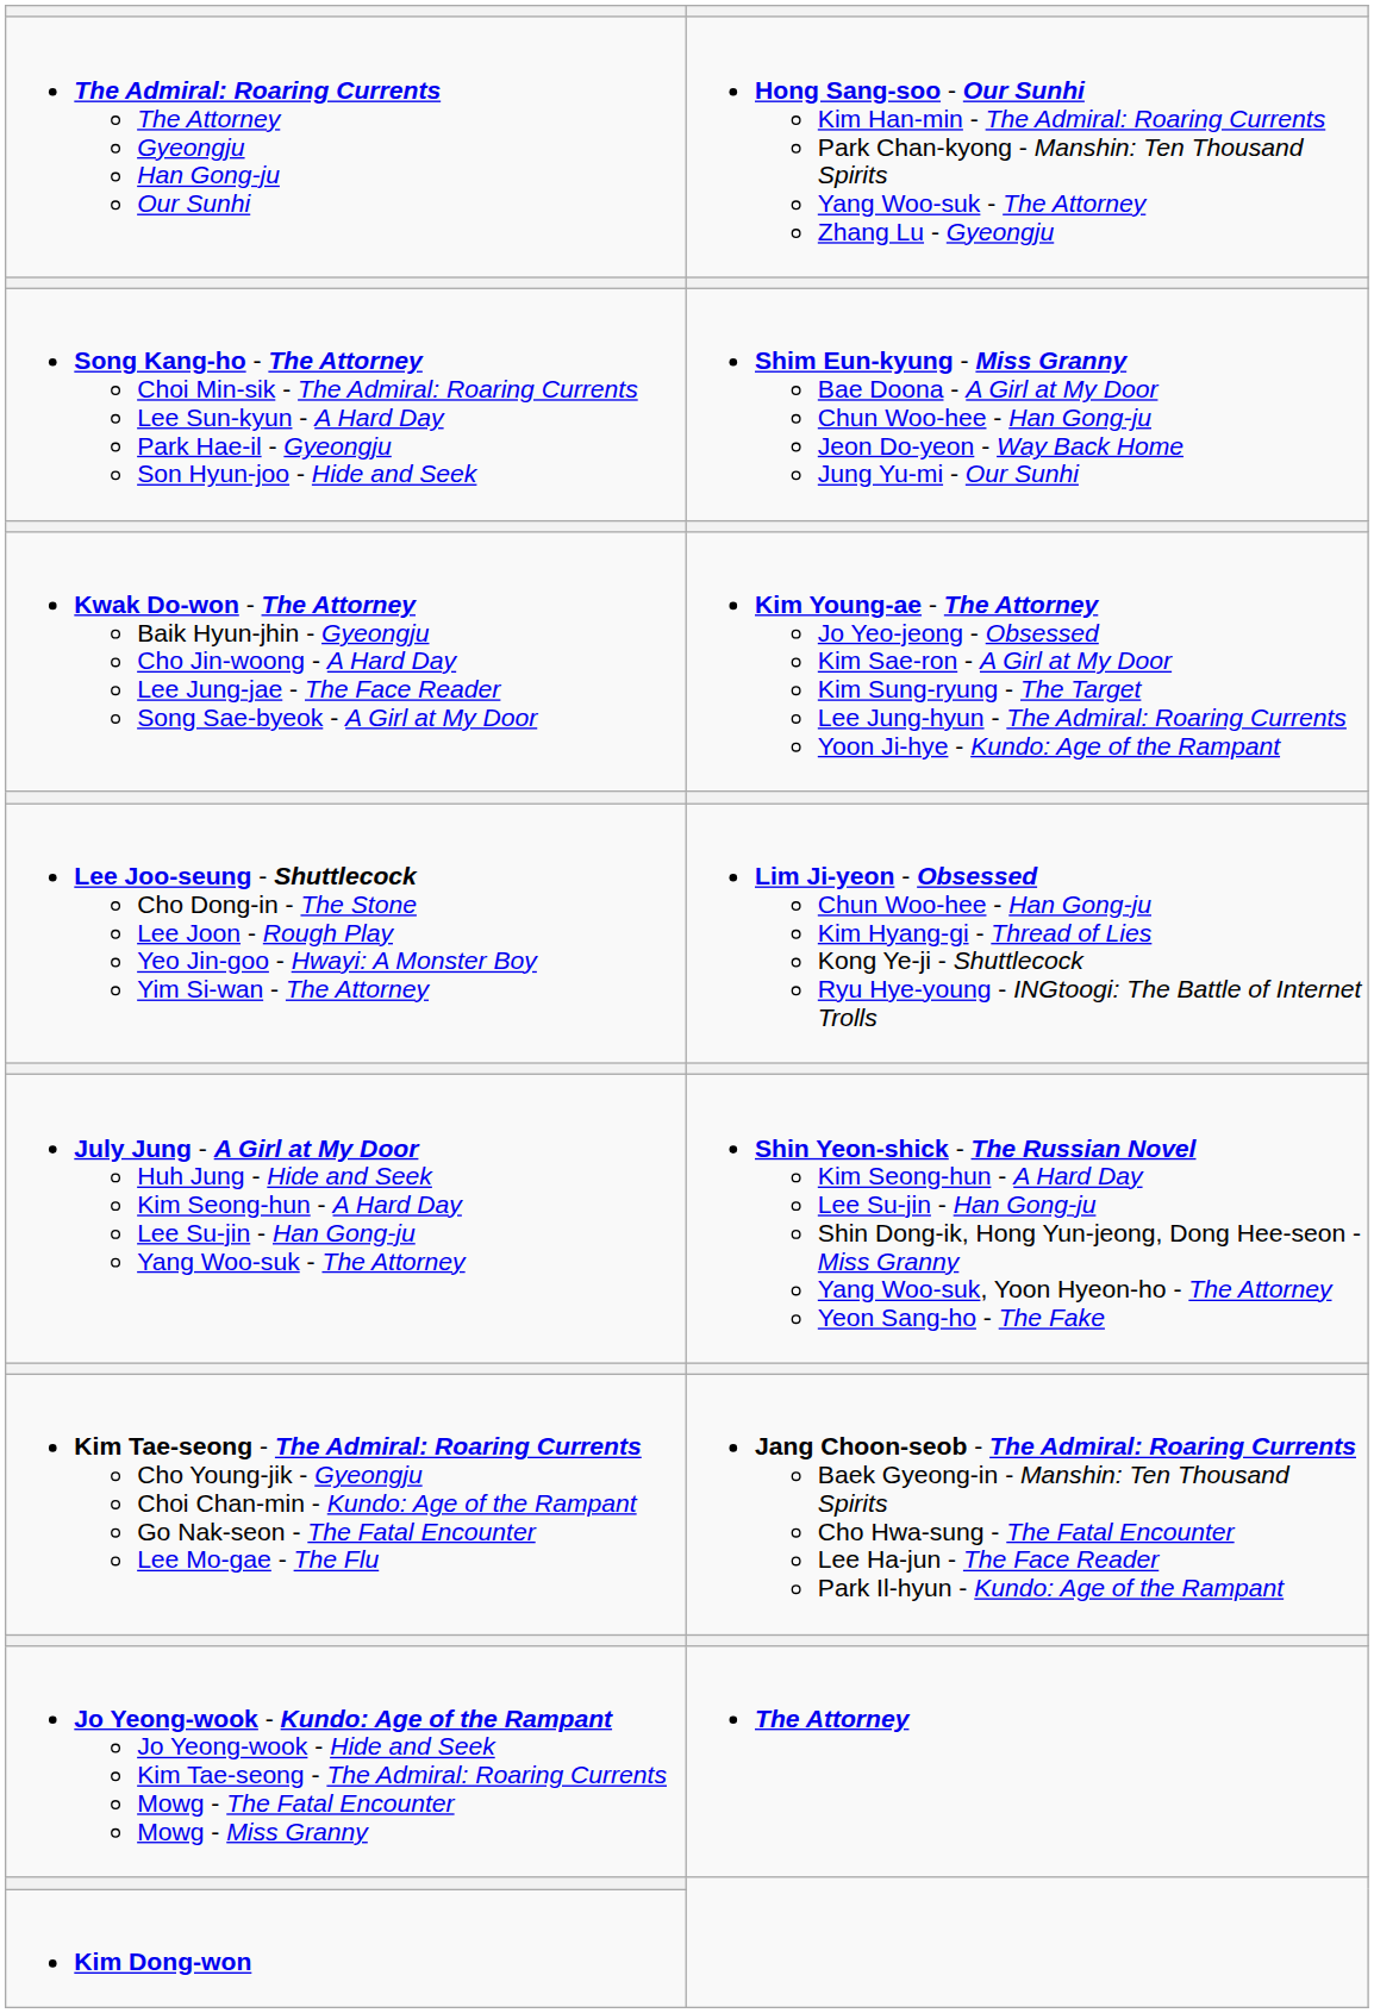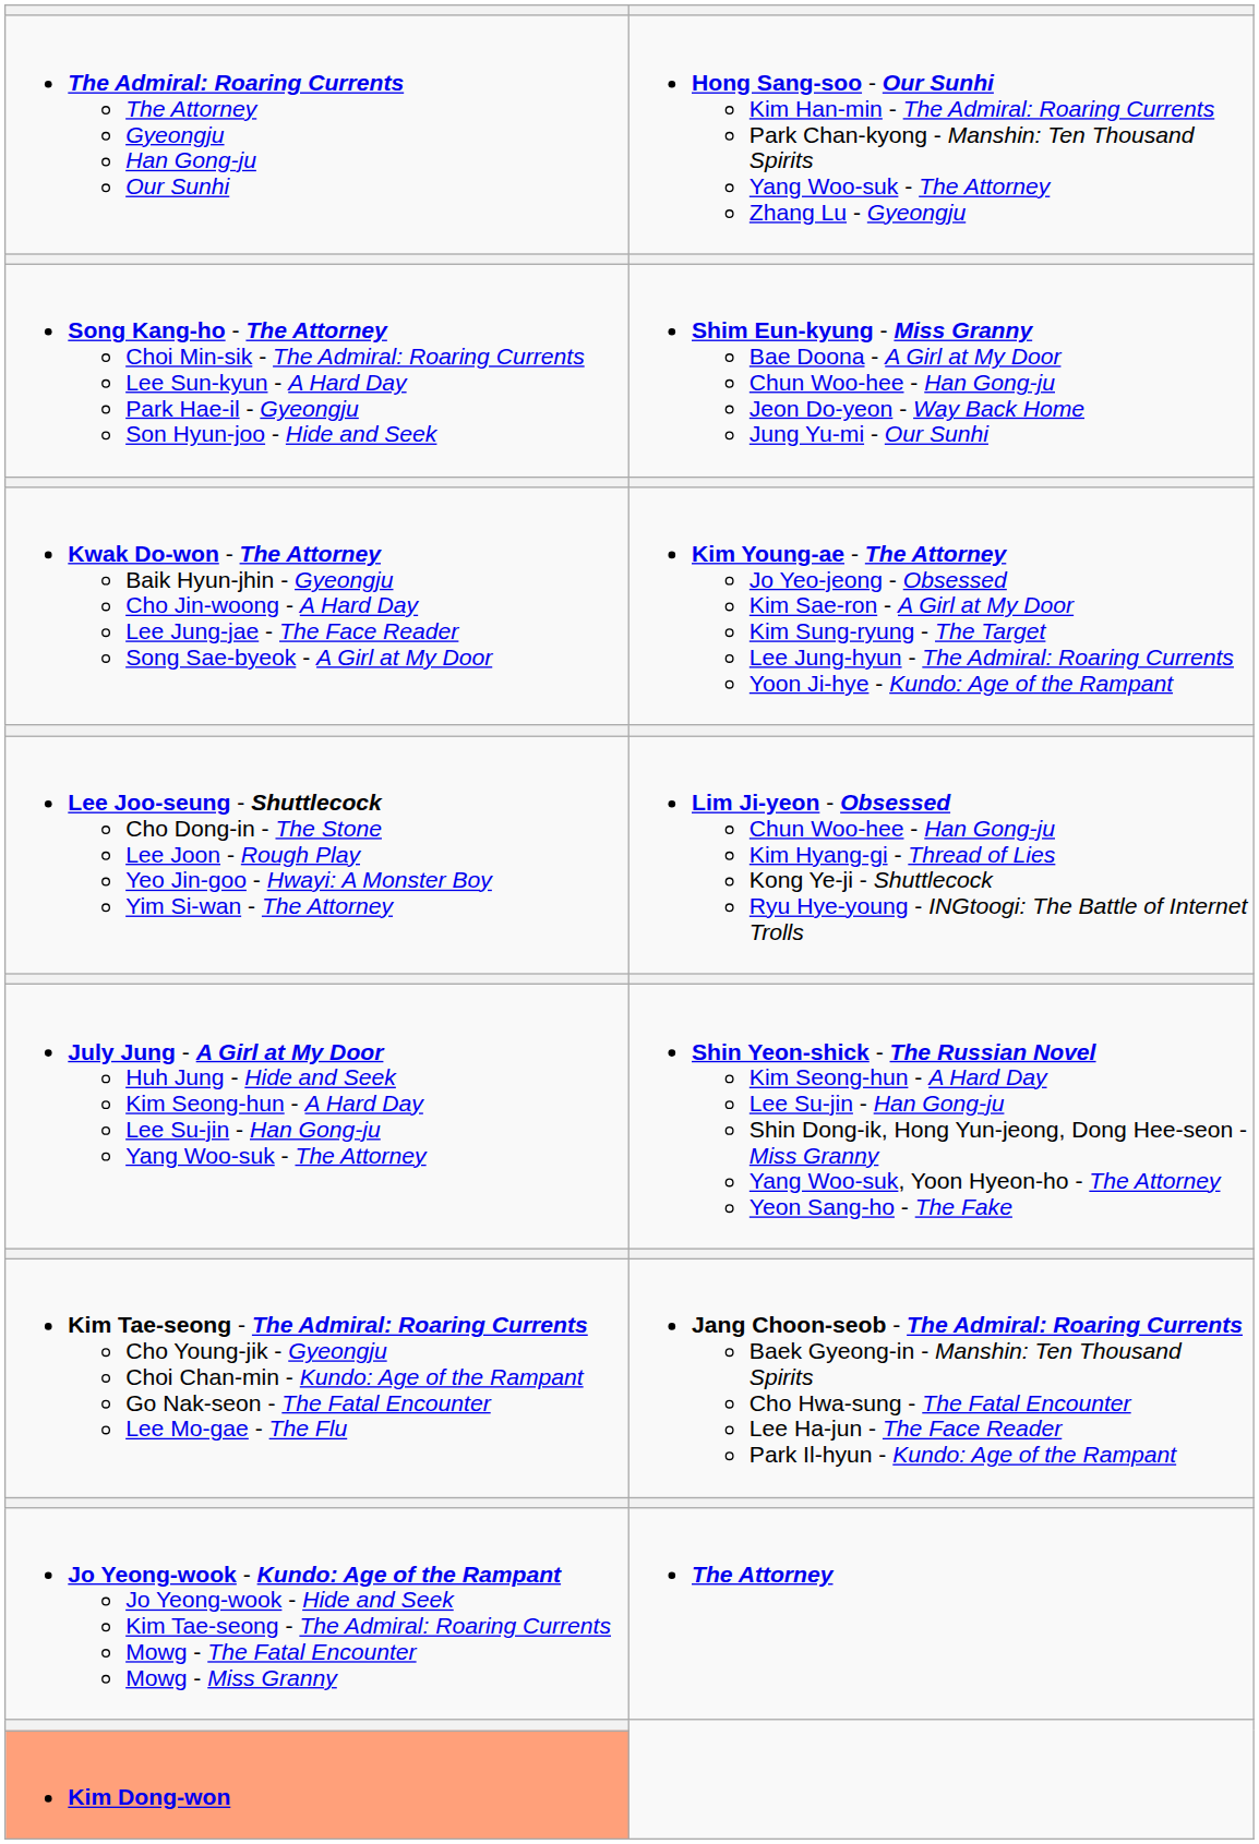 <table class="wikitable">
 <tr>
 <th style="width:450px;"></th>
 <th style="width:450px;"></th>
 </tr>
 <tr>
 <td valign="top"><br><ul><li><strong><em><a href='#'>The Admiral: Roaring Currents</a></em></strong><ul><li><em><a href='#'>The Attorney</a></em></li><li><em><a href='#'>Gyeongju</a></em></li><li><em><a href='#'>Han Gong-ju</a></em></li><li><em><a href='#'>Our Sunhi</a></em></li></ul></li></ul></td>
 <td valign="top"><br><ul><li><strong><a href='#'>Hong Sang-soo</a></strong> - <strong><em><a href='#'>Our Sunhi</a></em></strong><ul><li><a href='#'>Kim Han-min</a> - <em><a href='#'>The Admiral: Roaring Currents</a></em></li><li>Park Chan-kyong - <em>Manshin: Ten Thousand Spirits</em></li><li><a href='#'>Yang Woo-suk</a> - <em><a href='#'>The Attorney</a></em></li><li><a href='#'>Zhang Lu</a> - <em><a href='#'>Gyeongju</a></em></li></ul></li></ul></td>
 </tr>
 <tr>
 <th></th>
 <th></th>
 </tr>
 <tr>
 <td valign="top"><br><ul><li><strong><a href='#'>Song Kang-ho</a></strong> - <strong><em><a href='#'>The Attorney</a></em></strong><ul><li><a href='#'>Choi Min-sik</a> - <em><a href='#'>The Admiral: Roaring Currents</a></em></li><li><a href='#'>Lee Sun-kyun</a> - <em><a href='#'>A Hard Day</a></em></li><li><a href='#'>Park Hae-il</a> - <em><a href='#'>Gyeongju</a></em></li><li><a href='#'>Son Hyun-joo</a> - <em><a href='#'>Hide and Seek</a></em></li></ul></li></ul></td>
 <td valign="top"><br><ul><li><strong><a href='#'>Shim Eun-kyung</a></strong> - <strong><em><a href='#'>Miss Granny</a></em></strong><ul><li><a href='#'>Bae Doona</a> - <em><a href='#'>A Girl at My Door</a></em></li><li><a href='#'>Chun Woo-hee</a> - <em><a href='#'>Han Gong-ju</a></em></li><li><a href='#'>Jeon Do-yeon</a> - <em><a href='#'>Way Back Home</a></em></li><li><a href='#'>Jung Yu-mi</a> - <em><a href='#'>Our Sunhi</a></em></li></ul></li></ul></td>
 </tr>
 <tr>
 <th></th>
 <th></th>
 </tr>
 <tr>
 <td valign="top"><br><ul><li><strong><a href='#'>Kwak Do-won</a></strong> - <strong><em><a href='#'>The Attorney</a></em></strong><ul><li>Baik Hyun-jhin - <em><a href='#'>Gyeongju</a></em></li><li><a href='#'>Cho Jin-woong</a> - <em><a href='#'>A Hard Day</a></em></li><li><a href='#'>Lee Jung-jae</a> - <em><a href='#'>The Face Reader</a></em></li><li><a href='#'>Song Sae-byeok</a> - <em><a href='#'>A Girl at My Door</a></em></li></ul></li></ul></td>
 <td valign="top"><br><ul><li><strong><a href='#'>Kim Young-ae</a></strong> - <strong><em><a href='#'>The Attorney</a></em></strong><ul><li><a href='#'>Jo Yeo-jeong</a> - <em><a href='#'>Obsessed</a></em></li><li><a href='#'>Kim Sae-ron</a> - <em><a href='#'>A Girl at My Door</a></em></li><li><a href='#'>Kim Sung-ryung</a> - <em><a href='#'>The Target</a></em></li><li><a href='#'>Lee Jung-hyun</a> - <em><a href='#'>The Admiral: Roaring Currents</a></em></li><li><a href='#'>Yoon Ji-hye</a> - <em><a href='#'>Kundo: Age of the Rampant</a></em></li></ul></li></ul></td>
 </tr>
 <tr>
 <th></th>
 <th></th>
 </tr>
 <tr>
 <td valign="top"><br><ul><li><strong><a href='#'>Lee Joo-seung</a></strong>  - <strong><em>Shuttlecock</em></strong><ul><li>Cho Dong-in - <em><a href='#'>The Stone</a></em></li><li><a href='#'>Lee Joon</a> - <em><a href='#'>Rough Play</a></em></li><li><a href='#'>Yeo Jin-goo</a> - <em><a href='#'>Hwayi: A Monster Boy</a></em></li><li><a href='#'>Yim Si-wan</a> - <em><a href='#'>The Attorney</a></em></li></ul></li></ul></td>
 <td valign="top"><br><ul><li><strong><a href='#'>Lim Ji-yeon</a></strong> - <strong><em><a href='#'>Obsessed</a></em></strong><ul><li><a href='#'>Chun Woo-hee</a> - <em><a href='#'>Han Gong-ju</a></em></li><li><a href='#'>Kim Hyang-gi</a> - <em><a href='#'>Thread of Lies</a></em></li><li>Kong Ye-ji - <em>Shuttlecock</em></li><li><a href='#'>Ryu Hye-young</a> - <em>INGtoogi: The Battle of Internet Trolls</em></li></ul></li></ul></td>
 </tr>
 <tr>
 <th></th>
 <th></th>
 </tr>
 <tr>
 <td valign="top"><br><ul><li><strong><a href='#'>July Jung</a></strong>  - <strong><em><a href='#'>A Girl at My Door</a></em></strong><ul><li><a href='#'>Huh Jung</a> - <em><a href='#'>Hide and Seek</a></em></li><li><a href='#'>Kim Seong-hun</a> - <em><a href='#'>A Hard Day</a></em></li><li><a href='#'>Lee Su-jin</a> - <em><a href='#'>Han Gong-ju</a></em></li><li><a href='#'>Yang Woo-suk</a> - <em><a href='#'>The Attorney</a></em></li></ul></li></ul></td>
 <td valign="top"><br><ul><li><strong><a href='#'>Shin Yeon-shick</a></strong> - <strong><em><a href='#'>The Russian Novel</a></em></strong><ul><li><a href='#'>Kim Seong-hun</a> - <em><a href='#'>A Hard Day</a></em></li><li><a href='#'>Lee Su-jin</a> - <em><a href='#'>Han Gong-ju</a></em></li><li>Shin Dong-ik, Hong Yun-jeong, Dong Hee-seon - <em><a href='#'>Miss Granny</a></em></li><li><a href='#'>Yang Woo-suk</a>, Yoon Hyeon-ho - <em><a href='#'>The Attorney</a></em></li><li><a href='#'>Yeon Sang-ho</a> - <em><a href='#'>The Fake</a></em></li></ul></li></ul></td>
 </tr>
 <tr>
 <th></th>
 <th></th>
 </tr>
 <tr>
 <td valign="top"><br><ul><li><strong>Kim Tae-seong</strong> - <strong><em><a href='#'>The Admiral: Roaring Currents</a></em></strong><ul><li>Cho Young-jik - <em><a href='#'>Gyeongju</a></em></li><li>Choi Chan-min - <em><a href='#'>Kundo: Age of the Rampant</a></em></li><li>Go Nak-seon - <em><a href='#'>The Fatal Encounter</a></em></li><li><a href='#'>Lee Mo-gae</a> - <em><a href='#'>The Flu</a></em></li></ul></li></ul></td>
 <td valign="top"><br><ul><li><strong>Jang Choon-seob</strong> - <strong><em><a href='#'>The Admiral: Roaring Currents</a></em></strong><ul><li>Baek Gyeong-in - <em>Manshin: Ten Thousand Spirits</em></li><li>Cho Hwa-sung - <em><a href='#'>The Fatal Encounter</a></em></li><li>Lee Ha-jun - <em><a href='#'>The Face Reader</a></em></li><li>Park Il-hyun - <em><a href='#'>Kundo: Age of the Rampant</a></em></li></ul></li></ul></td>
 </tr>
 <tr>
 <th></th>
 <th></th>
 </tr>
 <tr>
 <td valign="top"><br><ul><li><strong><a href='#'>Jo Yeong-wook</a></strong> - <strong><em><a href='#'>Kundo: Age of the Rampant</a></em></strong><ul><li><a href='#'>Jo Yeong-wook</a> - <em><a href='#'>Hide and Seek</a></em></li><li><a href='#'>Kim Tae-seong</a> - <em><a href='#'>The Admiral: Roaring Currents</a></em></li><li><a href='#'>Mowg</a> - <em><a href='#'>The Fatal Encounter</a></em></li><li><a href='#'>Mowg</a> - <em><a href='#'>Miss Granny</a></em></li></ul></li></ul></td>
 <td valign="top"><br><ul><li><strong><em><a href='#'>The Attorney</a></em></strong></li></ul></td>
 </tr>
 <tr>
 <th></th>
 </tr>
 <tr>
-<td valign="top"><br><ul><li><strong><a href='#'>Kim Dong-won</a></strong></li></ul></td>
+<td valign="top" style="background: lightsalmon;"><br><ul><li><strong><a href='#'>Kim Dong-won</a></strong></li></ul></td>
 </tr>
 </table>
